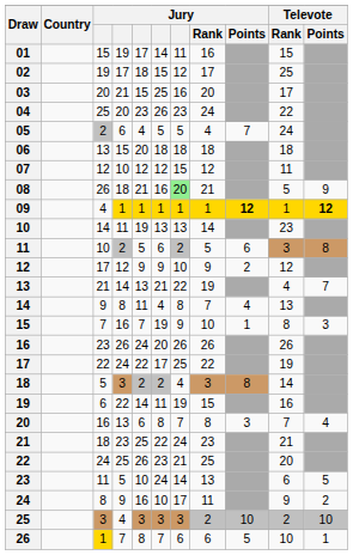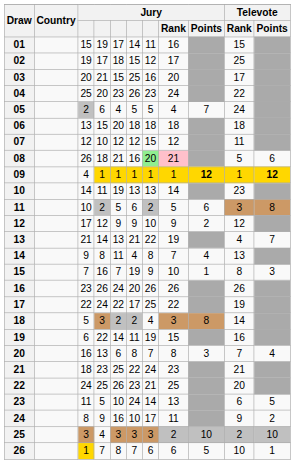 <table class="sortable wikitable collapsible plainrowheaders" style="text-align:center;">
 <tr>
 </tr>
 <tr>
 <th scope="col" rowspan="2">Draw</th>
 <th scope="col" rowspan="2">Country</th>
 <th scope="col" colspan="7">Jury</th>
 <th scope="col" colspan="2">Televote</th>
 </tr>
 <tr>
 <th scope="col"></th>
 <th scope="col"></th>
 <th scope="col"></th>
 <th scope="col"></th>
 <th scope="col"></th>
 <th scope="col">Rank</th>
 <th scope="col">Points</th>
 <th scope="col">Rank</th>
 <th scope="col">Points</th>
 </tr>
 <tr>
 <th scope="row" style="text-align:center;">01</th>
 <td style="text-align:left;"></td>
 <td>15</td>
 <td>19</td>
 <td>17</td>
 <td>14</td>
 <td>11</td>
 <td>16</td>
 <td style="background:#AAAAAA;"></td>
 <td>15</td>
 <td style="background:#AAAAAA;"></td>
 </tr>
 <tr>
 <th scope="row" style="text-align:center;">02</th>
 <td style="text-align:left;"></td>
 <td>19</td>
 <td>17</td>
 <td>18</td>
 <td>15</td>
 <td>12</td>
 <td>17</td>
 <td style="background:#AAAAAA;"></td>
 <td>25</td>
 <td style="background:#AAAAAA;"></td>
 </tr>
 <tr>
 <th scope="row" style="text-align:center;">03</th>
 <td style="text-align:left;"></td>
 <td>20</td>
 <td>21</td>
 <td>15</td>
 <td>25</td>
 <td>16</td>
 <td>20</td>
 <td style="background:#AAAAAA;"></td>
 <td>17</td>
 <td style="background:#AAAAAA;"></td>
 </tr>
 <tr>
 <th scope="row" style="text-align:center;">04</th>
 <td style="text-align:left;"></td>
 <td>25</td>
 <td>20</td>
 <td>23</td>
 <td>26</td>
 <td>23</td>
 <td>24</td>
 <td style="background:#AAAAAA;"></td>
 <td>22</td>
 <td style="background:#AAAAAA;"></td>
 </tr>
 <tr>
 <th scope="row" style="text-align:center;">05</th>
 <td style="text-align:left;"></td>
 <td style="background:silver;">2</td>
 <td>6</td>
 <td>4</td>
 <td>5</td>
 <td>5</td>
 <td>4</td>
 <td>7</td>
 <td>24</td>
 <td style="background:#AAAAAA;"></td>
 </tr>
 <tr>
 <th scope="row" style="text-align:center;">06</th>
 <td style="text-align:left;"></td>
 <td>13</td>
 <td>15</td>
 <td>20</td>
 <td>18</td>
 <td>18</td>
 <td>18</td>
 <td style="background:#AAAAAA;"></td>
 <td>18</td>
 <td style="background:#AAAAAA;"></td>
 </tr>
 <tr>
 <th scope="row" style="text-align:center;">07</th>
 <td style="text-align:left;"></td>
 <td>12</td>
 <td>10</td>
 <td>12</td>
 <td>12</td>
 <td>15</td>
 <td>12</td>
 <td style="background:#AAAAAA;"></td>
 <td>11</td>
 <td style="background:#AAAAAA;"></td>
 </tr>
 <tr>
 <th scope="row" style="text-align:center;">08</th>
 <td style="text-align:left;"></td>
 <td>26</td>
 <td>18</td>
 <td>21</td>
 <td>16</td>
 <td style="background: lightgreen;">20</td>
-<td>21</td>
+<td style="background: pink;">21</td>
 <td style="background:#AAAAAA;"></td>
 <td>5</td>
-<td>9</td>
+<td>6</td>
 </tr>
 <tr>
 <th scope="row" style="text-align:center;">09</th>
 <td style="text-align:left;"></td>
 <td>4</td>
 <td style="background:gold;">1</td>
 <td style="background:gold;">1</td>
 <td style="background:gold;">1</td>
 <td style="background:gold;">1</td>
 <td style="background:gold;">1</td>
 <td style="background:gold;"><strong>12</strong></td>
 <td style="background:gold;">1</td>
 <td style="background:gold;"><strong>12</strong></td>
 </tr>
 <tr>
 <th scope="row" style="text-align:center;">10</th>
 <td style="text-align:left;"></td>
 <td>14</td>
 <td>11</td>
 <td>19</td>
 <td>13</td>
 <td>13</td>
 <td>14</td>
 <td style="background:#AAAAAA;"></td>
 <td>23</td>
 <td style="background:#AAAAAA;"></td>
 </tr>
 <tr>
 <th scope="row" style="text-align:center;">11</th>
 <td style="text-align:left;"></td>
 <td>10</td>
 <td style="background:silver;">2</td>
 <td>5</td>
 <td>6</td>
 <td style="background:silver;">2</td>
 <td>5</td>
 <td>6</td>
 <td style="background:#CC9966;">3</td>
 <td style="background:#CC9966;">8</td>
 </tr>
 <tr>
 <th scope="row" style="text-align:center;">12</th>
 <td style="text-align:left;"></td>
 <td>17</td>
 <td>12</td>
 <td>9</td>
 <td>9</td>
 <td>10</td>
 <td>9</td>
 <td>2</td>
 <td>12</td>
 <td style="background:#AAAAAA;"></td>
 </tr>
 <tr>
 <th scope="row" style="text-align:center;">13</th>
 <td style="text-align:left;"></td>
 <td>21</td>
 <td>14</td>
 <td>13</td>
 <td>21</td>
 <td>22</td>
 <td>19</td>
 <td style="background:#AAAAAA;"></td>
 <td>4</td>
 <td>7</td>
 </tr>
 <tr>
 <th scope="row" style="text-align:center;">14</th>
 <td style="text-align:left;"></td>
 <td>9</td>
 <td>8</td>
 <td>11</td>
 <td>4</td>
 <td>8</td>
 <td>7</td>
 <td>4</td>
 <td>13</td>
 <td style="background:#AAAAAA;"></td>
 </tr>
 <tr>
 <th scope="row" style="text-align:center;">15</th>
 <td style="text-align:left;"></td>
 <td>7</td>
 <td>16</td>
 <td>7</td>
 <td>19</td>
 <td>9</td>
 <td>10</td>
 <td>1</td>
 <td>8</td>
 <td>3</td>
 </tr>
 <tr>
 <th scope="row" style="text-align:center;">16</th>
 <td style="text-align:left;"></td>
 <td>23</td>
 <td>26</td>
 <td>24</td>
 <td>20</td>
 <td>26</td>
 <td>26</td>
 <td style="background:#AAAAAA;"></td>
 <td>26</td>
 <td style="background:#AAAAAA;"></td>
 </tr>
 <tr>
 <th scope="row" style="text-align:center;">17</th>
 <td style="text-align:left;"></td>
 <td>22</td>
 <td>24</td>
 <td>22</td>
 <td>17</td>
 <td>25</td>
 <td>22</td>
 <td style="background:#AAAAAA;"></td>
 <td>19</td>
 <td style="background:#AAAAAA;"></td>
 </tr>
 <tr>
 <th scope="row" style="text-align:center;">18</th>
 <td style="text-align:left;"></td>
 <td>5</td>
 <td style="background:#CC9966;">3</td>
 <td style="background:silver;">2</td>
 <td style="background:silver;">2</td>
 <td>4</td>
 <td style="background:#CC9966;">3</td>
 <td style="background:#CC9966;">8</td>
 <td>14</td>
 <td style="background:#AAAAAA;"></td>
 </tr>
 <tr>
 <th scope="row" style="text-align:center;">19</th>
 <td style="text-align:left;"></td>
 <td>6</td>
 <td>22</td>
 <td>14</td>
 <td>11</td>
 <td>19</td>
 <td>15</td>
 <td style="background:#AAAAAA;"></td>
 <td>16</td>
 <td style="background:#AAAAAA;"></td>
 </tr>
 <tr>
 <th scope="row" style="text-align:center;">20</th>
 <td style="text-align:left;"></td>
 <td>16</td>
 <td>13</td>
 <td>6</td>
 <td>8</td>
 <td>7</td>
 <td>8</td>
 <td>3</td>
 <td>7</td>
 <td>4</td>
 </tr>
 <tr>
 <th scope="row" style="text-align:center;">21</th>
 <td style="text-align:left;"></td>
 <td>18</td>
 <td>23</td>
 <td>25</td>
 <td>22</td>
 <td>24</td>
 <td>23</td>
 <td style="background:#AAAAAA;"></td>
 <td>21</td>
 <td style="background:#AAAAAA;"></td>
 </tr>
 <tr>
 <th scope="row" style="text-align:center;">22</th>
 <td style="text-align:left;"></td>
 <td>24</td>
 <td>25</td>
 <td>26</td>
 <td>23</td>
 <td>21</td>
 <td>25</td>
 <td style="background:#AAAAAA;"></td>
 <td>20</td>
 <td style="background:#AAAAAA;"></td>
 </tr>
 <tr>
 <th scope="row" style="text-align:center;">23</th>
 <td style="text-align:left;"></td>
 <td>11</td>
 <td>5</td>
 <td>10</td>
 <td>24</td>
 <td>14</td>
 <td>13</td>
 <td style="background:#AAAAAA;"></td>
 <td>6</td>
 <td>5</td>
 </tr>
 <tr>
 <th scope="row" style="text-align:center;">24</th>
 <td style="text-align:left;"></td>
 <td>8</td>
 <td>9</td>
 <td>16</td>
 <td>10</td>
 <td>17</td>
 <td>11</td>
 <td style="background:#AAAAAA;"></td>
 <td>9</td>
 <td>2</td>
 </tr>
 <tr>
 <th scope="row" style="text-align:center;">25</th>
 <td style="text-align:left;"></td>
 <td style="background:#CC9966;">3</td>
 <td>4</td>
 <td style="background:#CC9966;">3</td>
 <td style="background:#CC9966;">3</td>
 <td style="background:#CC9966;">3</td>
 <td style="background:silver;">2</td>
 <td style="background:silver;">10</td>
 <td style="background:silver;">2</td>
 <td style="background:silver;">10</td>
 </tr>
 <tr>
 <th scope="row" style="text-align:center;">26</th>
 <td style="text-align:left;"></td>
 <td style="background:gold;">1</td>
 <td>7</td>
 <td>8</td>
 <td>7</td>
 <td>6</td>
 <td>6</td>
 <td>5</td>
 <td>10</td>
 <td>1</td>
 </tr>
 </table>
